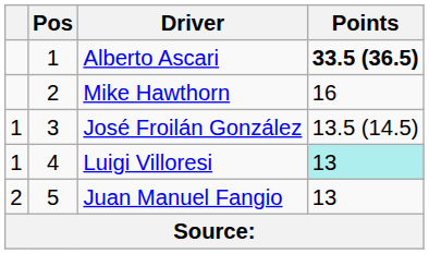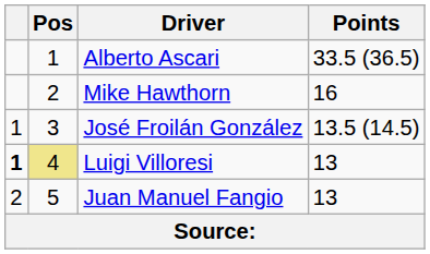 <table class="wikitable" style="font-size: 95%;">
 <tr>
 <th></th>
 <th>Pos</th>
 <th>Driver</th>
 <th>Points</th>
 </tr>
 <tr>
 <td align="left"></td>
 <td align="center">1</td>
 <td> <a href='#'>Alberto Ascari</a></td>
-<td align="left"><strong>33.5 (36.5)</strong></td>
+<td align="left">33.5 (36.5)</td>
 </tr>
 <tr>
 <td align="left"></td>
 <td align="center">2</td>
 <td> <a href='#'>Mike Hawthorn</a></td>
 <td align="left">16</td>
 </tr>
 <tr>
 <td align="left"> 1</td>
 <td align="center">3</td>
 <td> <a href='#'>José Froilán González</a></td>
 <td align="left">13.5 (14.5)</td>
 </tr>
 <tr>
-<td align="left"> 1</td>
-<td align="center">4</td>
+<td align="left"><strong> 1</strong></td>
+<td align="center" style="background: khaki;">4</td>
 <td> <a href='#'>Luigi Villoresi</a></td>
-<td align="left" style="background: paleturquoise;">13</td>
+<td align="left">13</td>
 </tr>
 <tr>
 <td align="left"> 2</td>
 <td align="center">5</td>
 <td> <a href='#'>Juan Manuel Fangio</a></td>
 <td align="left">13</td>
 </tr>
 <tr>
 <th colspan=4>Source: </th>
 </tr>
 </table>
